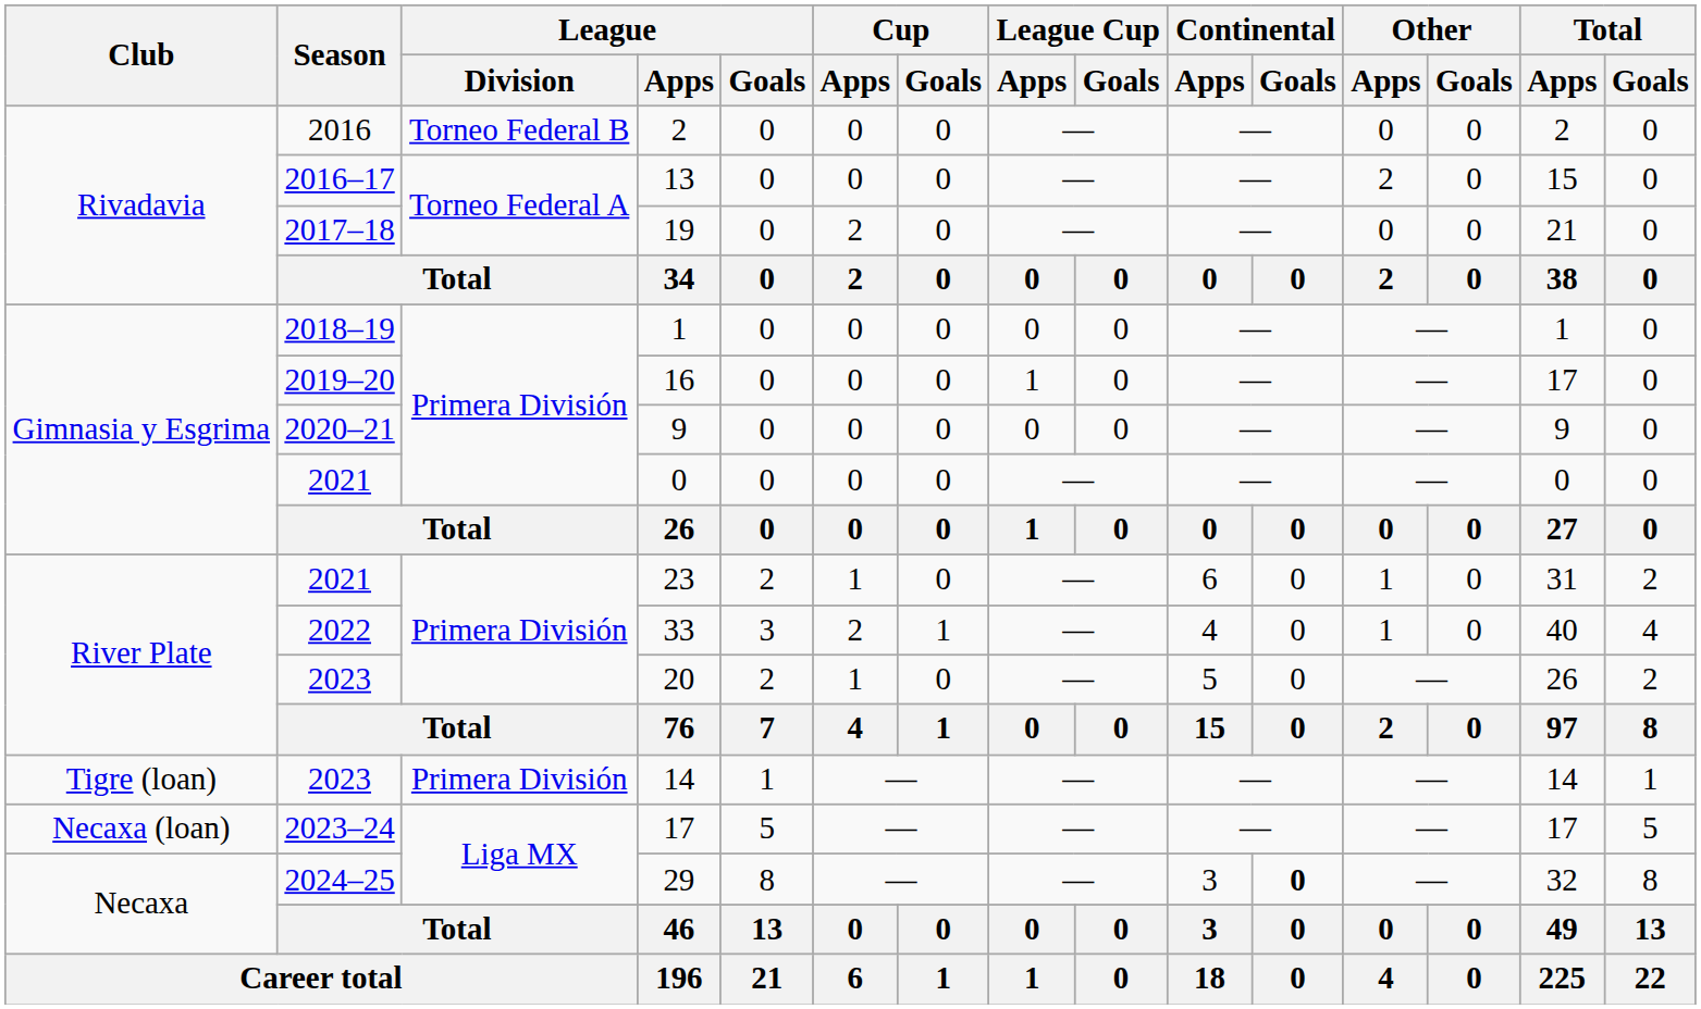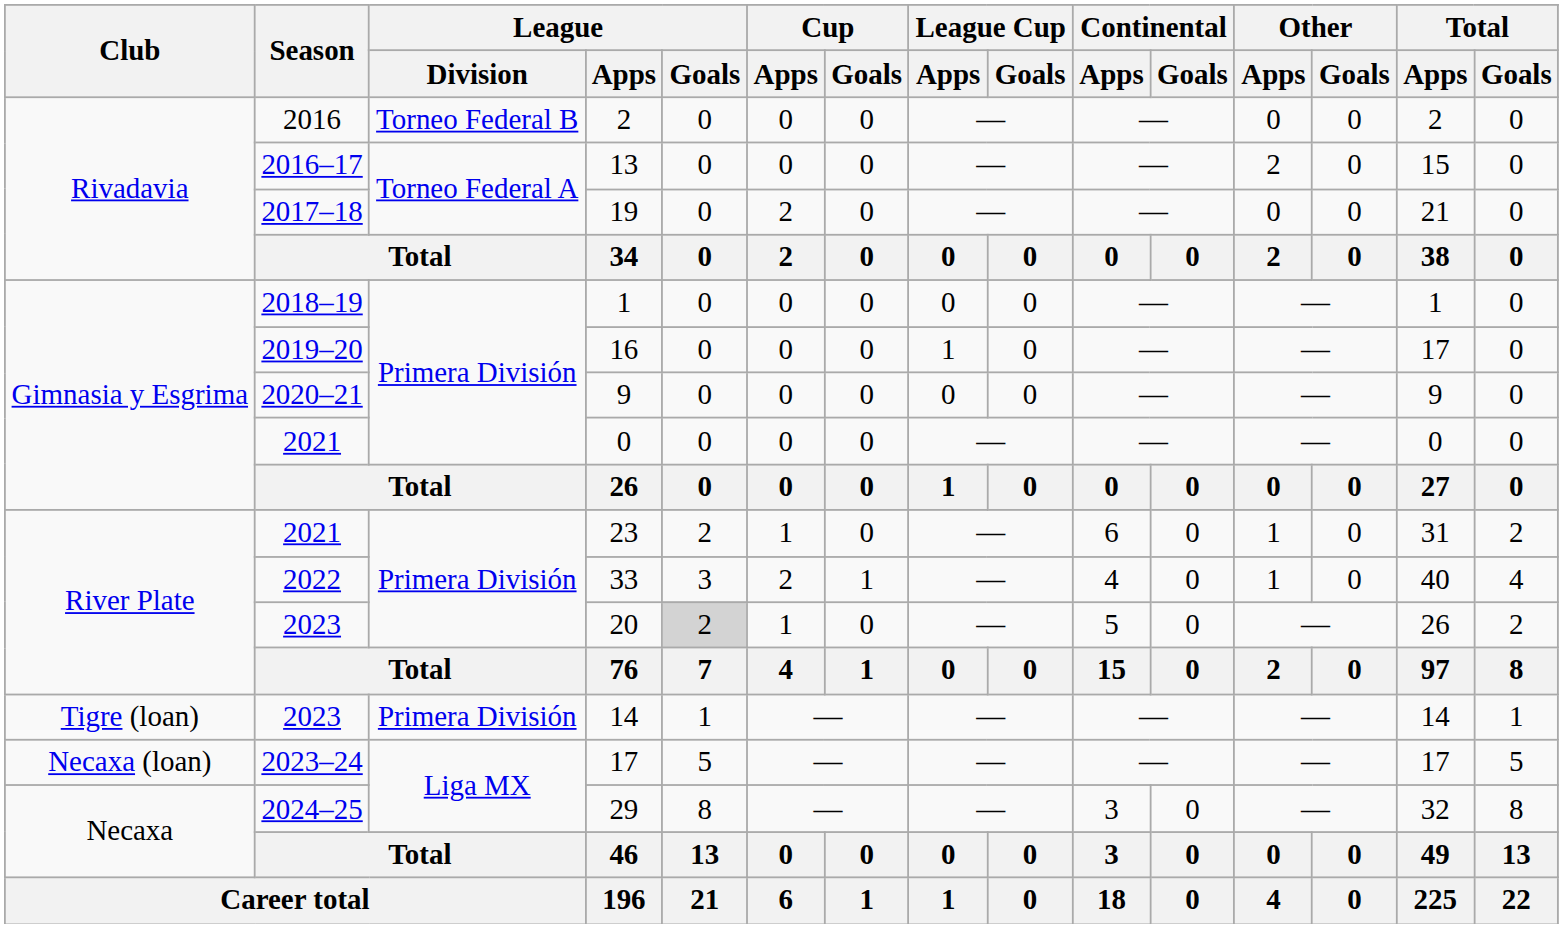 <table class="wikitable" style="text-align:center">
 <tr>
 <th rowspan="2">Club</th>
 <th rowspan="2">Season</th>
 <th colspan="3">League</th>
 <th colspan="2">Cup</th>
 <th colspan="2">League Cup</th>
 <th colspan="2">Continental</th>
 <th colspan="2">Other</th>
 <th colspan="2">Total</th>
 </tr>
 <tr>
 <th>Division</th>
 <th>Apps</th>
 <th>Goals</th>
 <th>Apps</th>
 <th>Goals</th>
 <th>Apps</th>
 <th>Goals</th>
 <th>Apps</th>
 <th>Goals</th>
 <th>Apps</th>
 <th>Goals</th>
 <th>Apps</th>
 <th>Goals</th>
 </tr>
 <tr>
 <td rowspan="4"><a href='#'>Rivadavia</a></td>
 <td>2016</td>
 <td rowspan="1"><a href='#'>Torneo Federal B</a></td>
 <td>2</td>
 <td>0</td>
 <td>0</td>
 <td>0</td>
 <td colspan="2">—</td>
 <td colspan="2">—</td>
 <td>0</td>
 <td>0</td>
 <td>2</td>
 <td>0</td>
 </tr>
 <tr>
 <td><a href='#'>2016–17</a></td>
 <td rowspan="2"><a href='#'>Torneo Federal A</a></td>
 <td>13</td>
 <td>0</td>
 <td>0</td>
 <td>0</td>
 <td colspan="2">—</td>
 <td colspan="2">—</td>
 <td>2</td>
 <td>0</td>
 <td>15</td>
 <td>0</td>
 </tr>
 <tr>
 <td><a href='#'>2017–18</a></td>
 <td>19</td>
 <td>0</td>
 <td>2</td>
 <td>0</td>
 <td colspan="2">—</td>
 <td colspan="2">—</td>
 <td>0</td>
 <td>0</td>
 <td>21</td>
 <td>0</td>
 </tr>
 <tr>
 <th colspan="2">Total</th>
 <th>34</th>
 <th>0</th>
 <th>2</th>
 <th>0</th>
 <th>0</th>
 <th>0</th>
 <th>0</th>
 <th>0</th>
 <th>2</th>
 <th>0</th>
 <th>38</th>
 <th>0</th>
 </tr>
 <tr>
 <td rowspan="5"><a href='#'>Gimnasia y Esgrima</a></td>
 <td><a href='#'>2018–19</a></td>
 <td rowspan="4"><a href='#'>Primera División</a></td>
 <td>1</td>
 <td>0</td>
 <td>0</td>
 <td>0</td>
 <td>0</td>
 <td>0</td>
 <td colspan="2">—</td>
 <td colspan="2">—</td>
 <td>1</td>
 <td>0</td>
 </tr>
 <tr>
 <td><a href='#'>2019–20</a></td>
 <td>16</td>
 <td>0</td>
 <td>0</td>
 <td>0</td>
 <td>1</td>
 <td>0</td>
 <td colspan="2">—</td>
 <td colspan="2">—</td>
 <td>17</td>
 <td>0</td>
 </tr>
 <tr>
 <td><a href='#'>2020–21</a></td>
 <td>9</td>
 <td>0</td>
 <td>0</td>
 <td>0</td>
 <td>0</td>
 <td>0</td>
 <td colspan="2">—</td>
 <td colspan="2">—</td>
 <td>9</td>
 <td>0</td>
 </tr>
 <tr>
 <td><a href='#'>2021</a></td>
 <td>0</td>
 <td>0</td>
 <td>0</td>
 <td>0</td>
 <td colspan="2">—</td>
 <td colspan="2">—</td>
 <td colspan="2">—</td>
 <td>0</td>
 <td>0</td>
 </tr>
 <tr>
 <th colspan="2">Total</th>
 <th>26</th>
 <th>0</th>
 <th>0</th>
 <th>0</th>
 <th>1</th>
 <th>0</th>
 <th>0</th>
 <th>0</th>
 <th>0</th>
 <th>0</th>
 <th>27</th>
 <th>0</th>
 </tr>
 <tr>
 <td rowspan="4"><a href='#'>River Plate</a></td>
 <td><a href='#'>2021</a></td>
 <td rowspan="3"><a href='#'>Primera División</a></td>
 <td>23</td>
 <td>2</td>
 <td>1</td>
 <td>0</td>
 <td colspan="2">—</td>
 <td>6</td>
 <td>0</td>
 <td>1</td>
 <td>0</td>
 <td>31</td>
 <td>2</td>
 </tr>
 <tr>
 <td><a href='#'>2022</a></td>
 <td>33</td>
 <td>3</td>
 <td>2</td>
 <td>1</td>
 <td colspan="2">—</td>
 <td>4</td>
 <td>0</td>
 <td>1</td>
 <td>0</td>
 <td>40</td>
 <td>4</td>
 </tr>
 <tr>
 <td><a href='#'>2023</a></td>
 <td>20</td>
-<td>2</td>
+<td style="background: lightgrey;">2</td>
 <td>1</td>
 <td>0</td>
 <td colspan="2">—</td>
 <td>5</td>
 <td>0</td>
 <td colspan="2">—</td>
 <td>26</td>
 <td>2</td>
 </tr>
 <tr>
 <th colspan="2">Total</th>
 <th>76</th>
 <th>7</th>
 <th>4</th>
 <th>1</th>
 <th>0</th>
 <th>0</th>
 <th>15</th>
 <th>0</th>
 <th>2</th>
 <th>0</th>
 <th>97</th>
 <th>8</th>
 </tr>
 <tr>
 <td><a href='#'>Tigre</a> (loan)</td>
 <td><a href='#'>2023</a></td>
 <td><a href='#'>Primera División</a></td>
 <td>14</td>
 <td>1</td>
 <td colspan="2">—</td>
 <td colspan="2">—</td>
 <td colspan="2">—</td>
 <td colspan="2">—</td>
 <td>14</td>
 <td>1</td>
 </tr>
 <tr>
 <td><a href='#'>Necaxa</a> (loan)</td>
 <td><a href='#'>2023–24</a></td>
 <td rowspan="2"><a href='#'>Liga MX</a></td>
 <td>17</td>
 <td>5</td>
 <td colspan="2">—</td>
 <td colspan="2">—</td>
 <td colspan="2">—</td>
 <td colspan="2">—</td>
 <td>17</td>
 <td>5</td>
 </tr>
 <tr>
 <td rowspan="2">Necaxa</td>
 <td><a href='#'>2024–25</a></td>
 <td>29</td>
 <td>8</td>
 <td colspan="2">—</td>
 <td colspan="2">—</td>
 <td>3</td>
-<td><strong>0</strong></td>
+<td>0</td>
 <td colspan="2">—</td>
 <td>32</td>
 <td>8</td>
 </tr>
 <tr>
 <th colspan="2">Total</th>
 <th>46</th>
 <th>13</th>
 <th>0</th>
 <th>0</th>
 <th>0</th>
 <th>0</th>
 <th>3</th>
 <th>0</th>
 <th>0</th>
 <th>0</th>
 <th>49</th>
 <th>13</th>
 </tr>
 <tr>
 <th colspan="3">Career total</th>
 <th>196</th>
 <th>21</th>
 <th>6</th>
 <th>1</th>
 <th>1</th>
 <th>0</th>
 <th>18</th>
 <th>0</th>
 <th>4</th>
 <th>0</th>
 <th>225</th>
 <th>22</th>
 </tr>
 </table>
